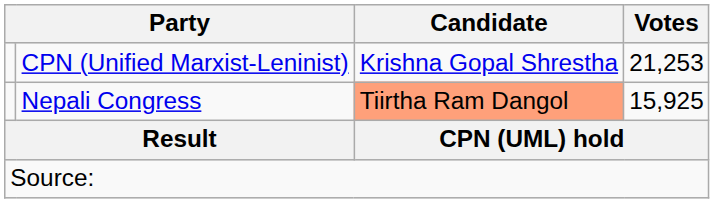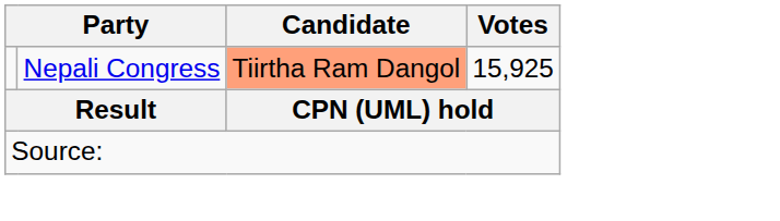 <table class="wikitable">
 <tr>
 <th colspan="2">Party</th>
 <th>Candidate</th>
 <th>Votes</th>
-</tr>
-<tr>
-<td style="background-color:"></td>
-<td><a href='#'>CPN (Unified Marxist-Leninist)</a></td>
-<td><a href='#'>Krishna Gopal Shrestha</a></td>
-<td>21,253</td>
 </tr>
 <tr>
 <td style="background-color:"></td>
 <td><a href='#'>Nepali Congress</a></td>
 <td style="background: lightsalmon;">Tiirtha Ram Dangol</td>
 <td>15,925</td>
 </tr>
 <tr>
 <th colspan="2">Result</th>
 <th colspan="2">CPN (UML) hold</th>
 </tr>
 <tr>
 <td colspan="4">Source: </td>
 </tr>
 </table>
